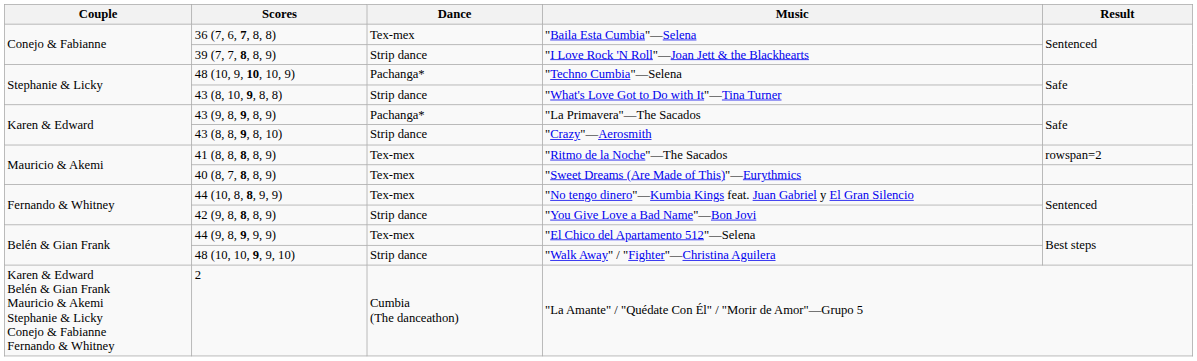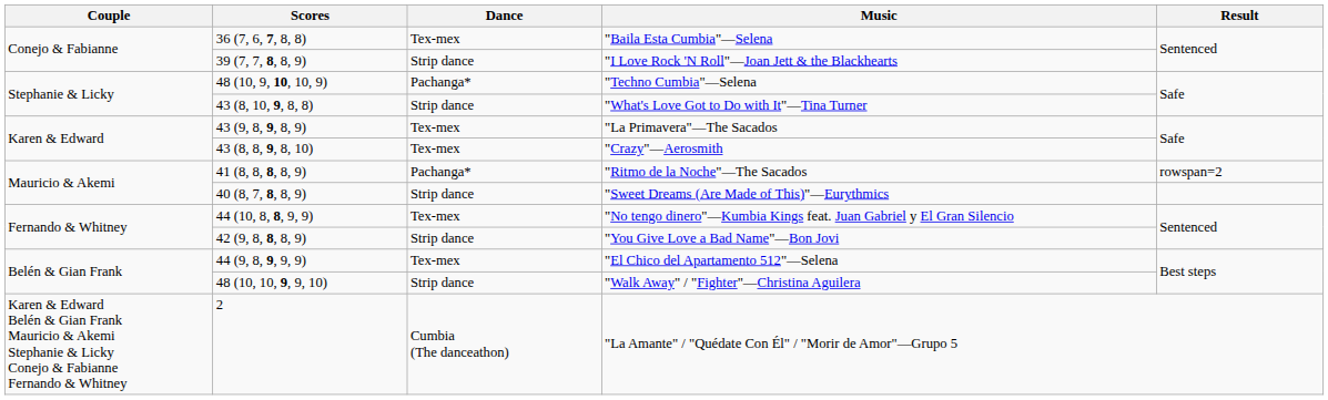 <table class="wikitable sortable" style="width:95%; white-space:nowrap;">
 <tr>
 <th style="width:15%;">Couple<br></th>
 <th style="width:14%;">Scores</th>
 <th style="width:14%;">Dance</th>
 <th style="width:40%;">Music</th>
 <th style="width:12%;">Result</th>
 </tr>
 <tr>
 <td rowspan=2>Conejo & Fabianne<br></td>
 <td>36 (7, 6, <strong>7</strong>, 8, 8)</td>
 <td>Tex-mex</td>
 <td>"<a href='#'>Baila Esta Cumbia</a>"—<a href='#'>Selena</a></td>
 <td rowspan=2>Sentenced</td>
 </tr>
 <tr>
 <td>39 (7, 7, <strong>8</strong>, 8, 9)</td>
 <td>Strip dance</td>
 <td>"<a href='#'>I Love Rock 'N Roll</a>"—<a href='#'>Joan Jett & the Blackhearts</a></td>
 </tr>
 <tr>
 <td rowspan=2>Stephanie & Licky<br></td>
 <td>48 (10, 9, <strong>10</strong>, 10, 9)</td>
 <td>Pachanga*</td>
 <td>"<a href='#'>Techno Cumbia</a>"—Selena</td>
 <td rowspan=2>Safe</td>
 </tr>
 <tr>
 <td>43 (8, 10, <strong>9</strong>, 8, 8)</td>
 <td>Strip dance</td>
 <td>"<a href='#'>What's Love Got to Do with It</a>"—<a href='#'>Tina Turner</a></td>
 </tr>
 <tr>
 <td rowspan=2>Karen & Edward</td>
 <td>43 (9, 8, <strong>9</strong>, 8, 9)</td>
-<td>Pachanga*</td>
+<td>Tex-mex</td>
 <td>"La Primavera"—The Sacados</td>
 <td rowspan=2>Safe</td>
 </tr>
 <tr>
 <td>43 (8, 8, <strong>9</strong>, 8, 10)</td>
-<td>Strip dance</td>
+<td>Tex-mex</td>
 <td>"<a href='#'>Crazy</a>"—<a href='#'>Aerosmith</a></td>
 </tr>
 <tr>
 <td rowspan=2>Mauricio & Akemi</td>
 <td>41 (8, 8, <strong>8</strong>, 8, 9)</td>
-<td>Tex-mex</td>
+<td>Pachanga*</td>
 <td>"<a href='#'>Ritmo de la Noche</a>"—The Sacados</td>
 <td>rowspan=2 </td>
 </tr>
 <tr>
 <td>40 (8, 7, <strong>8</strong>, 8, 9)</td>
-<td>Tex-mex</td>
+<td>Strip dance</td>
 <td>"<a href='#'>Sweet Dreams (Are Made of This)</a>"—<a href='#'>Eurythmics</a></td>
 </tr>
 <tr>
 <td rowspan=2>Fernando & Whitney <br> </td>
 <td>44 (10, 8, <strong>8</strong>, 9, 9)</td>
 <td>Tex-mex</td>
 <td>"<a href='#'>No tengo dinero</a>"—<a href='#'>Kumbia Kings</a> feat. <a href='#'>Juan Gabriel</a> y <a href='#'>El Gran Silencio</a></td>
 <td rowspan=2>Sentenced</td>
 </tr>
 <tr>
 <td>42 (9, 8, <strong>8</strong>, 8, 9)</td>
 <td>Strip dance</td>
 <td>"<a href='#'>You Give Love a Bad Name</a>"—<a href='#'>Bon Jovi</a></td>
 </tr>
 <tr>
 <td rowspan=2>Belén & Gian Frank <br> </td>
 <td>44 (9, 8, <strong>9</strong>, 9, 9)</td>
 <td>Tex-mex</td>
 <td>"<a href='#'>El Chico del Apartamento 512</a>"—Selena</td>
 <td rowspan=2>Best steps</td>
 </tr>
 <tr>
 <td>48 (10, 10, <strong>9</strong>, 9, 10)</td>
 <td>Strip dance</td>
 <td>"<a href='#'>Walk Away</a>" / "<a href='#'>Fighter</a>"—<a href='#'>Christina Aguilera</a></td>
 </tr>
 <tr>
 <td>Karen & Edward<br>Belén & Gian Frank<br>Mauricio & Akemi<br>Stephanie & Licky<br>Conejo & Fabianne<br>Fernando & Whitney</td>
 <td valign="top">2</td>
 <td>Cumbia<br>(The danceathon)</td>
 <td colspan=2>"La Amante" / "Quédate Con Él" / "Morir de Amor"—Grupo 5</td>
 </tr>
 </table>
